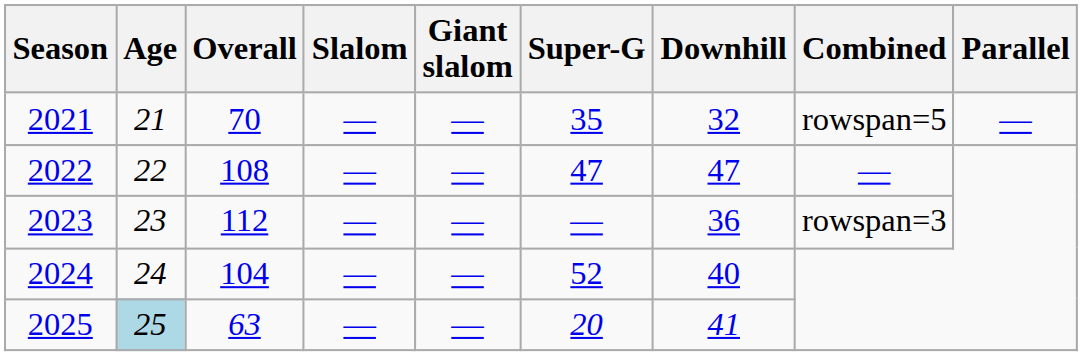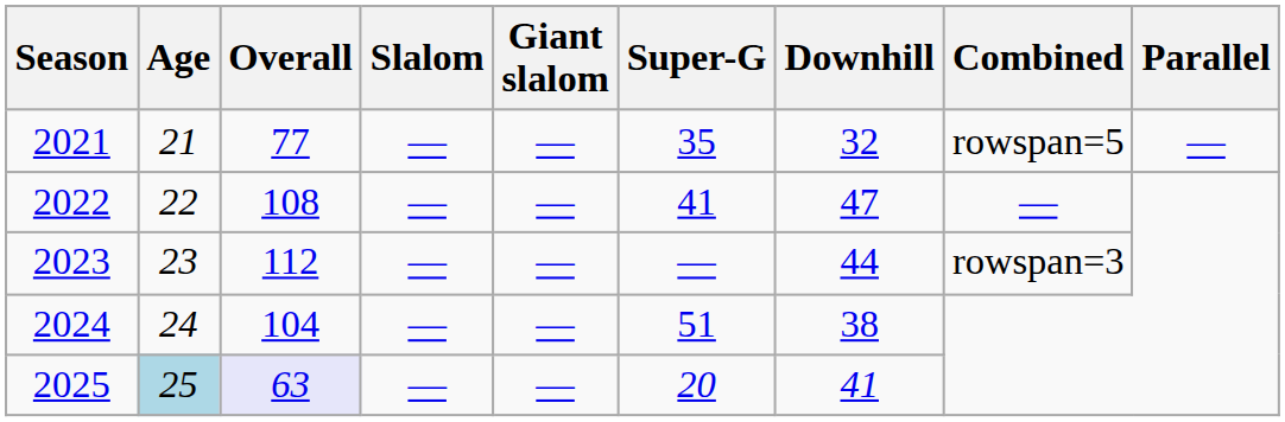 <table class=wikitable style="text-align:center">
 <tr>
 <th>Season</th>
 <th>Age</th>
 <th>Overall</th>
 <th>Slalom</th>
 <th>Giant<br>slalom</th>
 <th>Super-G</th>
 <th>Downhill</th>
 <th>Combined</th>
 <th>Parallel</th>
 </tr>
 <tr>
 <td><a href='#'>2021</a></td>
 <td><em>21</em></td>
-<td><a href='#'>70</a></td>
+<td><a href='#'>77</a></td>
 <td><a href='#'>—</a></td>
 <td><a href='#'>—</a></td>
 <td><a href='#'>35</a></td>
 <td><a href='#'>32</a></td>
 <td>rowspan=5 </td>
 <td><a href='#'>—</a></td>
 </tr>
 <tr>
 <td><a href='#'>2022</a></td>
 <td><em>22</em></td>
 <td><a href='#'>108</a></td>
 <td><a href='#'>—</a></td>
 <td><a href='#'>—</a></td>
-<td><a href='#'>47</a></td>
+<td><a href='#'>41</a></td>
 <td><a href='#'>47</a></td>
 <td><a href='#'>—</a></td>
 </tr>
 <tr>
 <td><a href='#'>2023</a></td>
 <td><em>23</em></td>
 <td><a href='#'>112</a></td>
 <td><a href='#'>—</a></td>
 <td><a href='#'>—</a></td>
 <td><a href='#'>—</a></td>
-<td><a href='#'>36</a></td>
+<td><a href='#'>44</a></td>
 <td>rowspan=3 </td>
 </tr>
 <tr>
 <td><a href='#'>2024</a></td>
 <td><em>24</em></td>
 <td><a href='#'>104</a></td>
 <td><a href='#'>—</a></td>
 <td><a href='#'>—</a></td>
-<td><a href='#'>52</a></td>
-<td><a href='#'>40</a></td>
+<td><a href='#'>51</a></td>
+<td><a href='#'>38</a></td>
 </tr>
 <tr>
 <td><a href='#'>2025</a></td>
 <td style="background: lightblue;"><em>25</em></td>
-<td><a href='#'><em>63</em></a></td>
+<td style="background: lavender;"><a href='#'><em>63</em></a></td>
 <td><a href='#'>—</a></td>
 <td><a href='#'>—</a></td>
 <td><a href='#'><em>20</em></a></td>
 <td><a href='#'><em>41</em></a></td>
 </tr>
 </table>
